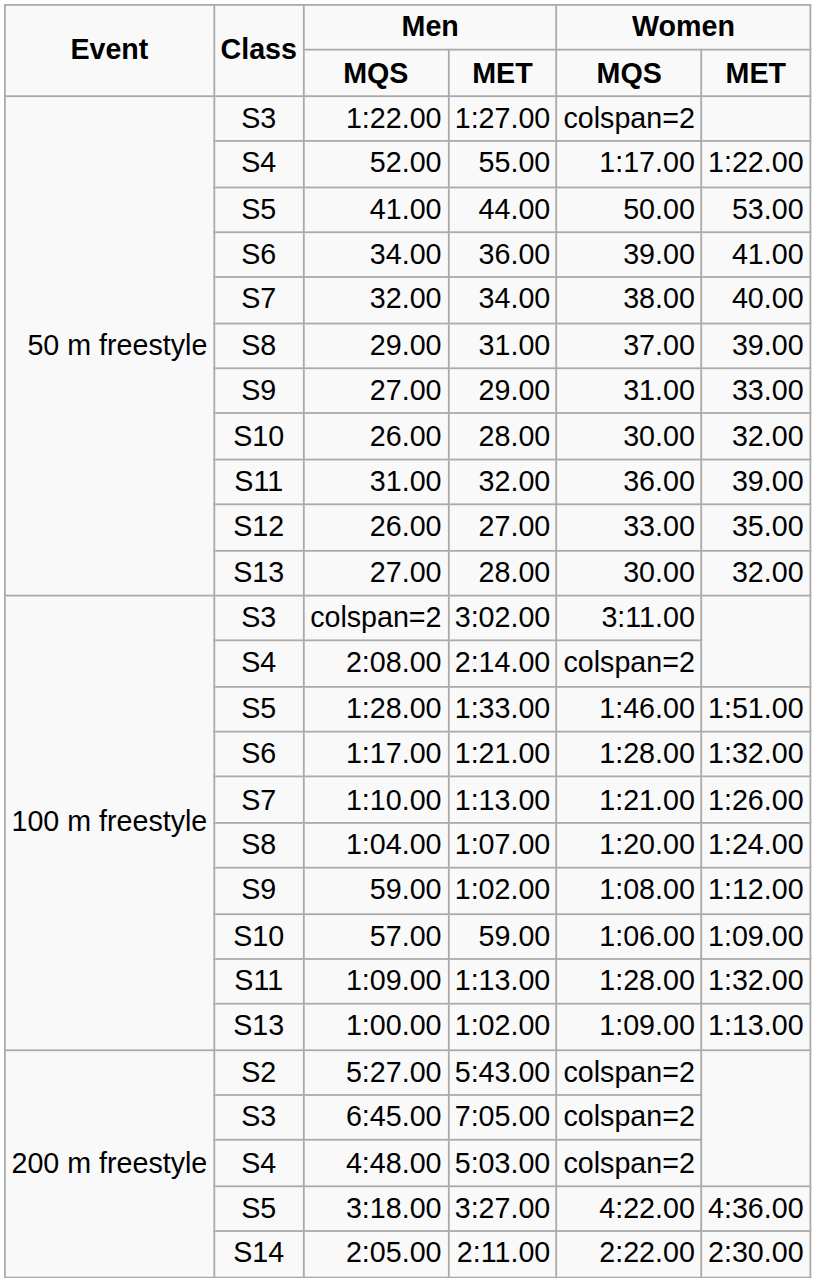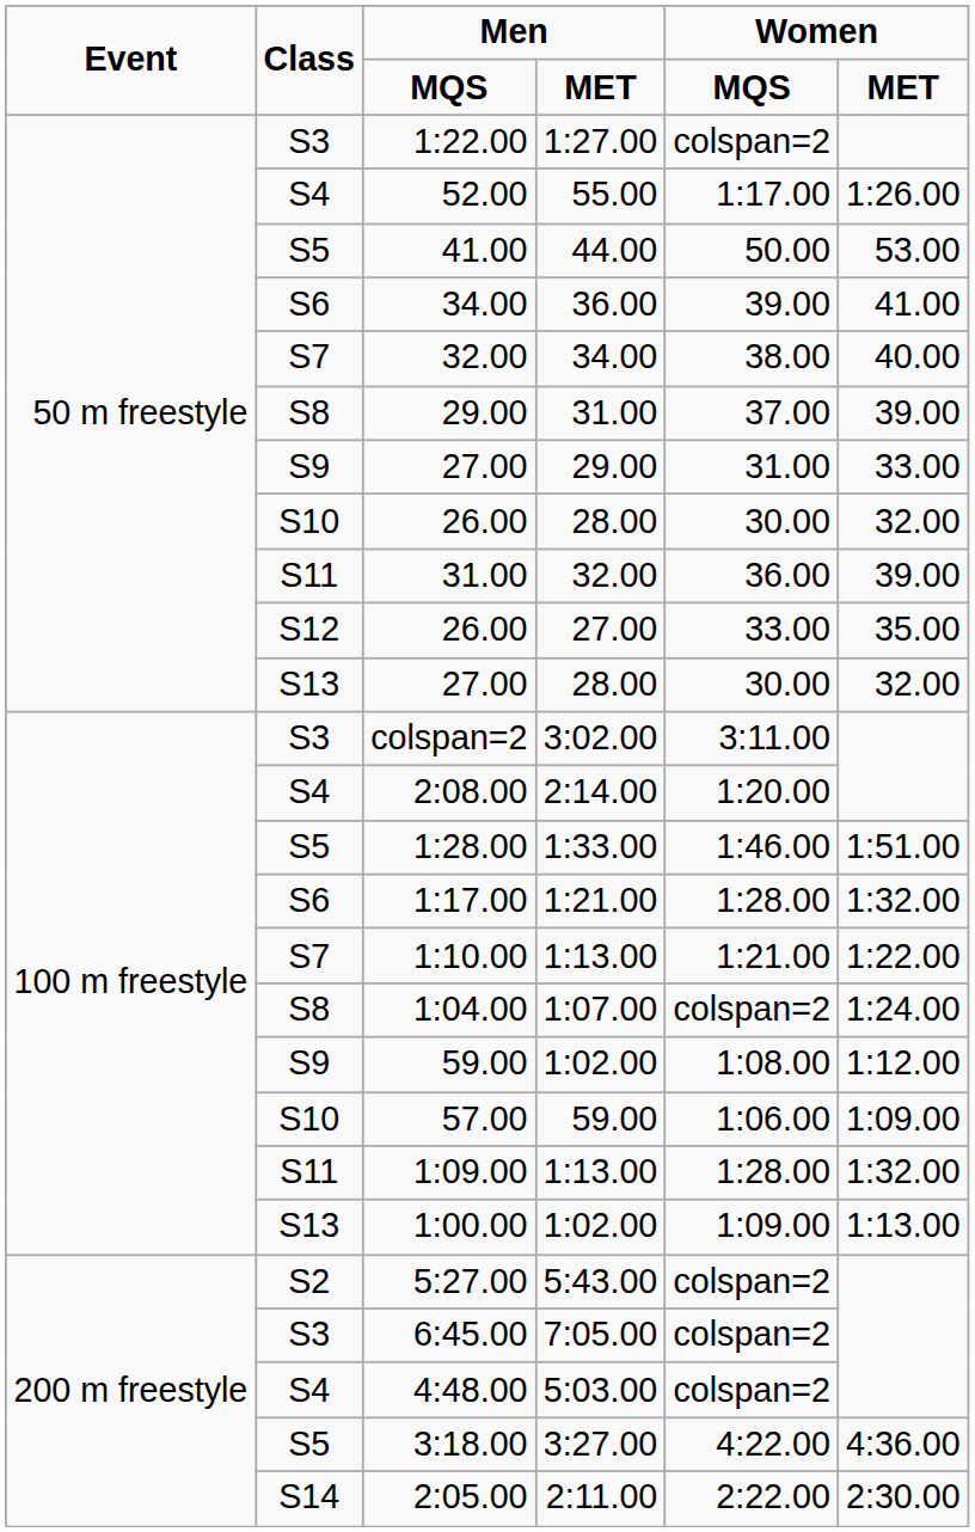 <table class="wikitable" style="text-align:right">
 <tr>
 <td align="center" rowspan="2"><strong>Event</strong></td>
 <td align="center" rowspan="2"><strong>Class</strong></td>
 <td align="center" colspan="2"><strong>Men</strong></td>
 <td align="center" colspan="2"><strong>Women</strong></td>
 </tr>
 <tr>
 <td align="center"><strong>MQS</strong></td>
 <td align="center"><strong>MET</strong></td>
 <td align="center"><strong>MQS</strong></td>
 <td align="center"><strong>MET</strong></td>
 </tr>
 <tr>
 <td rowspan="11">50 m freestyle</td>
 <td align="center">S3</td>
 <td>1:22.00</td>
 <td>1:27.00</td>
 <td>colspan=2 </td>
 </tr>
 <tr>
 <td align="center">S4</td>
 <td>52.00</td>
 <td>55.00</td>
 <td>1:17.00</td>
-<td>1:22.00</td>
+<td>1:26.00</td>
 </tr>
 <tr>
 <td align="center">S5</td>
 <td>41.00</td>
 <td>44.00</td>
 <td>50.00</td>
 <td>53.00</td>
 </tr>
 <tr>
 <td align="center">S6</td>
 <td>34.00</td>
 <td>36.00</td>
 <td>39.00</td>
 <td>41.00</td>
 </tr>
 <tr>
 <td align="center">S7</td>
 <td>32.00</td>
 <td>34.00</td>
 <td>38.00</td>
 <td>40.00</td>
 </tr>
 <tr>
 <td align="center">S8</td>
 <td>29.00</td>
 <td>31.00</td>
 <td>37.00</td>
 <td>39.00</td>
 </tr>
 <tr>
 <td align="center">S9</td>
 <td>27.00</td>
 <td>29.00</td>
 <td>31.00</td>
 <td>33.00</td>
 </tr>
 <tr>
 <td align="center">S10</td>
 <td>26.00</td>
 <td>28.00</td>
 <td>30.00</td>
 <td>32.00</td>
 </tr>
 <tr>
 <td align="center">S11</td>
 <td>31.00</td>
 <td>32.00</td>
 <td>36.00</td>
 <td>39.00</td>
 </tr>
 <tr>
 <td align="center">S12</td>
 <td>26.00</td>
 <td>27.00</td>
 <td>33.00</td>
 <td>35.00</td>
 </tr>
 <tr>
 <td align="center">S13</td>
 <td>27.00</td>
 <td>28.00</td>
 <td>30.00</td>
 <td>32.00</td>
 </tr>
 <tr>
 <td rowspan="10">100 m freestyle</td>
 <td align="center">S3</td>
 <td>colspan=2 </td>
 <td>3:02.00</td>
 <td>3:11.00</td>
 </tr>
 <tr>
 <td align="center">S4</td>
 <td>2:08.00</td>
 <td>2:14.00</td>
-<td>colspan=2 </td>
+<td>1:20.00</td>
 </tr>
 <tr>
 <td align="center">S5</td>
 <td>1:28.00</td>
 <td>1:33.00</td>
 <td>1:46.00</td>
 <td>1:51.00</td>
 </tr>
 <tr>
 <td align="center">S6</td>
 <td>1:17.00</td>
 <td>1:21.00</td>
 <td>1:28.00</td>
 <td>1:32.00</td>
 </tr>
 <tr>
 <td align="center">S7</td>
 <td>1:10.00</td>
 <td>1:13.00</td>
 <td>1:21.00</td>
-<td>1:26.00</td>
+<td>1:22.00</td>
 </tr>
 <tr>
 <td align="center">S8</td>
 <td>1:04.00</td>
 <td>1:07.00</td>
-<td>1:20.00</td>
+<td>colspan=2 </td>
 <td>1:24.00</td>
 </tr>
 <tr>
 <td align="center">S9</td>
 <td>59.00</td>
 <td>1:02.00</td>
 <td>1:08.00</td>
 <td>1:12.00</td>
 </tr>
 <tr>
 <td align="center">S10</td>
 <td>57.00</td>
 <td>59.00</td>
 <td>1:06.00</td>
 <td>1:09.00</td>
 </tr>
 <tr>
 <td align="center">S11</td>
 <td>1:09.00</td>
 <td>1:13.00</td>
 <td>1:28.00</td>
 <td>1:32.00</td>
 </tr>
 <tr>
 <td align="center">S13</td>
 <td>1:00.00</td>
 <td>1:02.00</td>
 <td>1:09.00</td>
 <td>1:13.00</td>
 </tr>
 <tr>
 <td rowspan="5">200 m freestyle</td>
 <td align="center">S2</td>
 <td>5:27.00</td>
 <td>5:43.00</td>
 <td>colspan=2 </td>
 </tr>
 <tr>
 <td align="center">S3</td>
 <td>6:45.00</td>
 <td>7:05.00</td>
 <td>colspan=2 </td>
 </tr>
 <tr>
 <td align="center">S4</td>
 <td>4:48.00</td>
 <td>5:03.00</td>
 <td>colspan=2 </td>
 </tr>
 <tr>
 <td align="center">S5</td>
 <td>3:18.00</td>
 <td>3:27.00</td>
 <td>4:22.00</td>
 <td>4:36.00</td>
 </tr>
 <tr>
 <td align="center">S14</td>
 <td>2:05.00</td>
 <td>2:11.00</td>
 <td>2:22.00</td>
 <td>2:30.00</td>
 </tr>
 </table>
